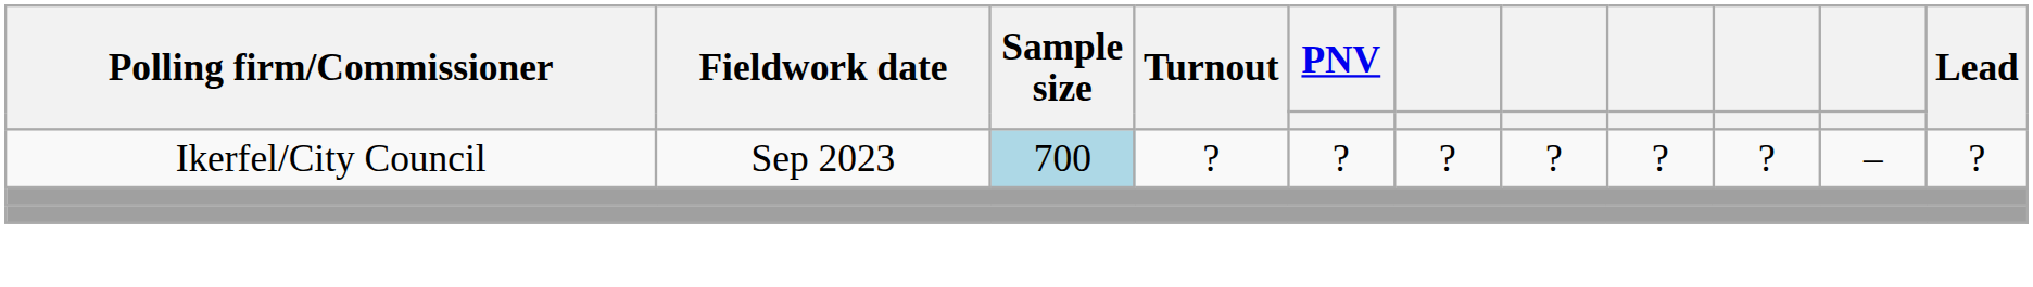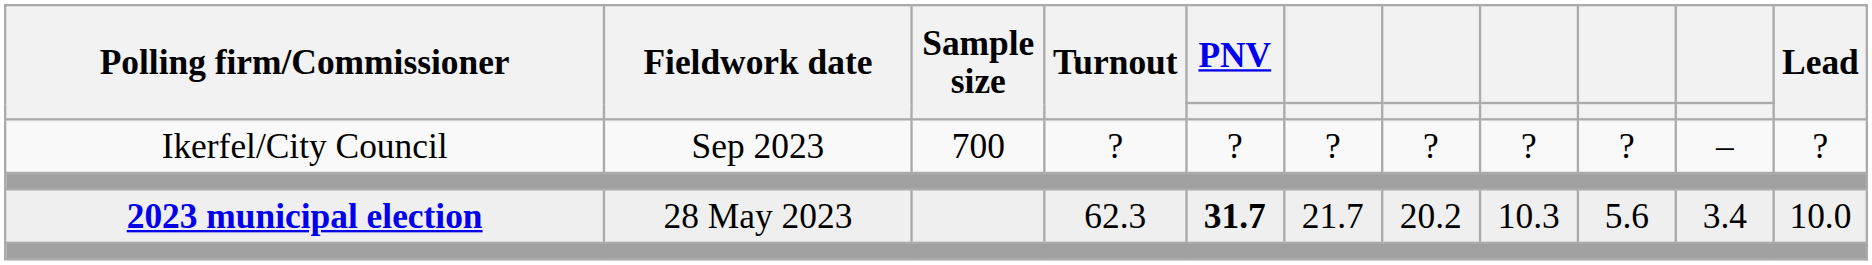 <table class="wikitable collapsible collapsed" style="text-align:center; font-size:95%; line-height:16px;">
 <tr style="height:42px;">
 <th style="width:250px;" rowspan="2">Polling firm/Commissioner</th>
 <th style="width:125px;" rowspan="2">Fieldwork date</th>
 <th style="width:50px;" rowspan="2">Sample size</th>
 <th style="width:45px;" rowspan="2">Turnout</th>
 <th style="width:35px;"><a href='#'>PNV</a></th>
 <th style="width:35px;"></th>
 <th style="width:35px;"></th>
 <th style="width:35px;"></th>
 <th style="width:35px;"></th>
 <th style="width:35px;"></th>
 <th style="width:30px;" rowspan="2">Lead</th>
 </tr>
 <tr>
 <th style="color:inherit;background:"></th>
 <th style="color:inherit;background:"></th>
 <th style="color:inherit;background:"></th>
 <th style="color:inherit;background:"></th>
 <th style="color:inherit;background:"></th>
 <th style="color:inherit;background:"></th>
 </tr>
 <tr>
 <td>Ikerfel/City Council</td>
 <td>Sep 2023</td>
-<td style="background: lightblue;">700</td>
+<td>700</td>
 <td>?</td>
 <td>?<br></td>
 <td>?<br></td>
 <td>?<br></td>
 <td>?<br></td>
 <td>?<br></td>
 <td>–</td>
 <td style="background:">?</td>
 </tr>
 <tr>
 <td colspan="11" style="background:#A0A0A0"></td>
 </tr>
+<tr style="background:#EFEFEF;">
+<td><strong><a href='#'>2023 municipal election</a></strong></td>
+<td>28 May 2023</td>
+<td></td>
+<td>62.3</td>
+<td><strong>31.7</strong><br></td>
+<td>21.7<br></td>
+<td>20.2<br></td>
+<td>10.3<br></td>
+<td>5.6<br></td>
+<td>3.4<br></td>
+<td style="background:">10.0</td>
+</tr>
 <tr>
 <td colspan="11" style="background:#A0A0A0"></td>
 </tr>
 </table>
